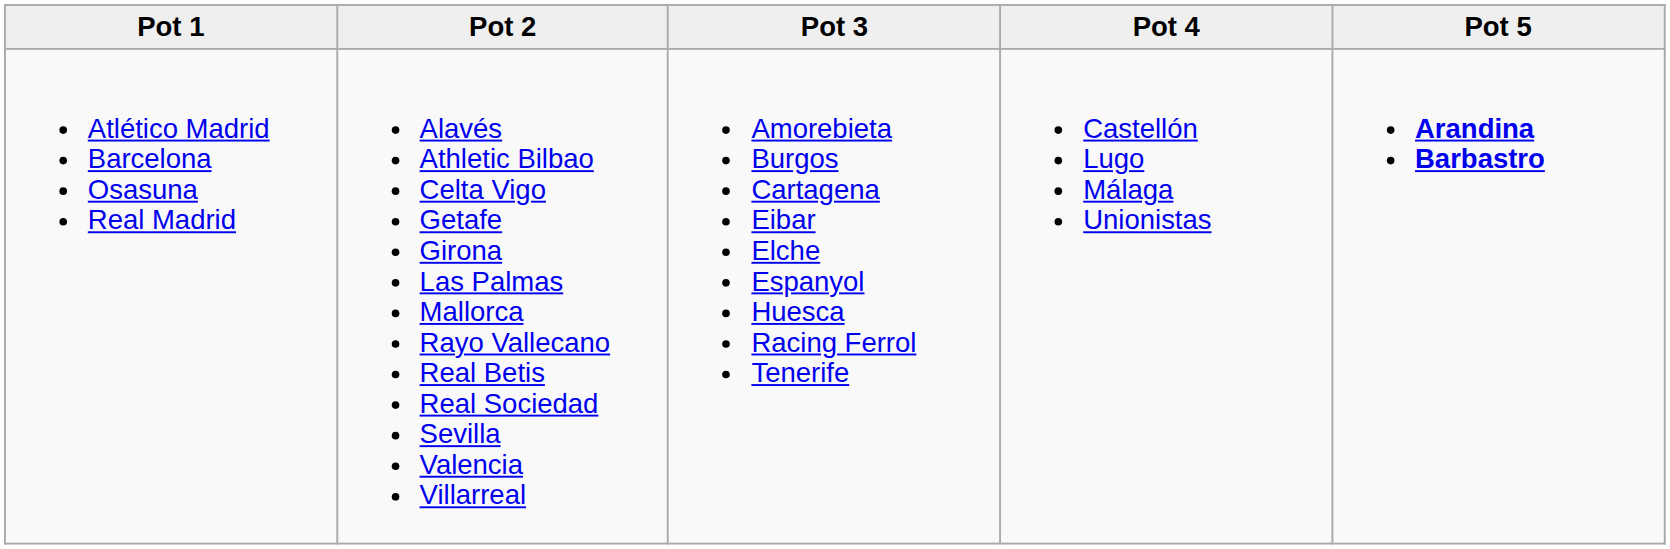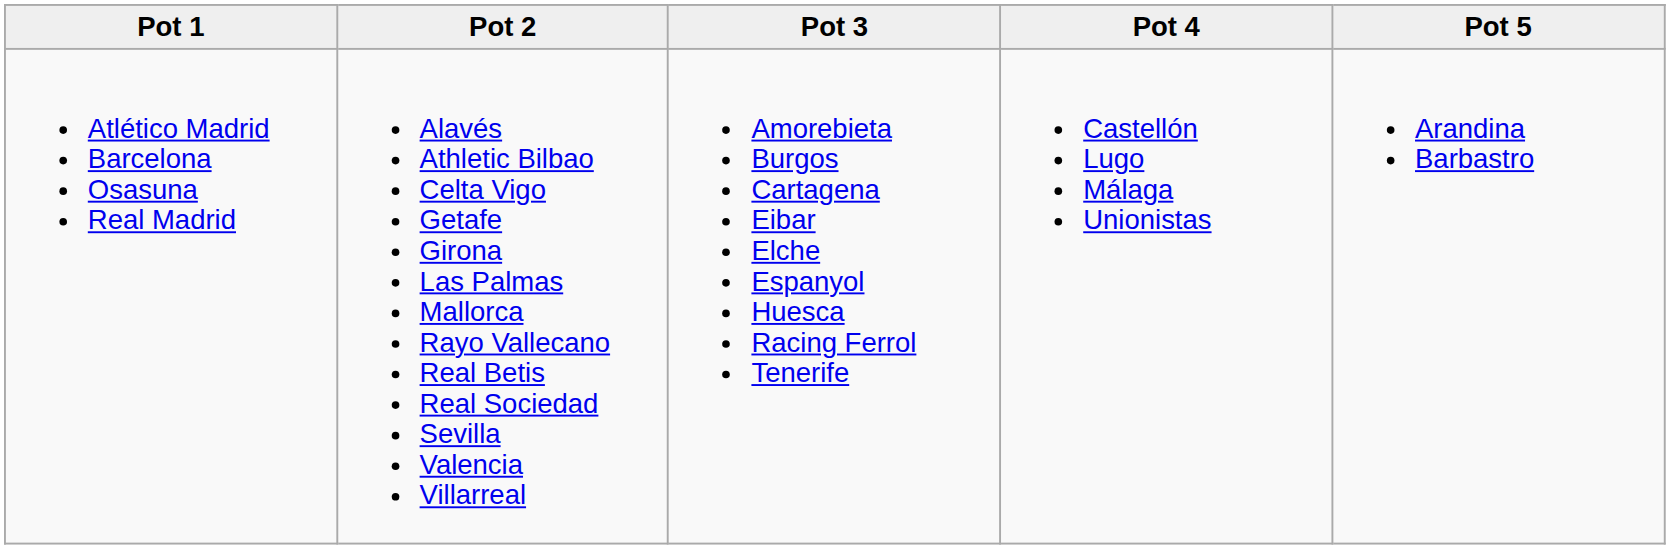 <table class="wikitable" style="font-size:90%">
 <tr bgcolor=#efefef align=center>
 <td width=15%><strong>Pot 1</strong><br></td>
 <td width=15%><strong>Pot 2</strong><br></td>
 <td width=15%><strong>Pot 3</strong><br></td>
 <td width=15%><strong>Pot 4</strong><br></td>
 <td width=15%><strong>Pot 5</strong><br></td>
 </tr>
 <tr valign=top>
 <td><br><ul><li><a href='#'>Atlético Madrid</a></li><li><a href='#'>Barcelona</a></li><li><a href='#'>Osasuna</a></li><li><a href='#'>Real Madrid</a></li></ul></td>
 <td><br><ul><li><a href='#'>Alavés</a></li><li><a href='#'>Athletic Bilbao</a></li><li><a href='#'>Celta Vigo</a></li><li><a href='#'>Getafe</a></li><li><a href='#'>Girona</a></li><li><a href='#'>Las Palmas</a></li><li><a href='#'>Mallorca</a></li><li><a href='#'>Rayo Vallecano</a></li><li><a href='#'>Real Betis</a></li><li><a href='#'>Real Sociedad</a></li><li><a href='#'>Sevilla</a></li><li><a href='#'>Valencia</a></li><li><a href='#'>Villarreal</a></li></ul></td>
 <td><br><ul><li><a href='#'>Amorebieta</a></li><li><a href='#'>Burgos</a></li><li><a href='#'>Cartagena</a></li><li><a href='#'>Eibar</a></li><li><a href='#'>Elche</a></li><li><a href='#'>Espanyol</a></li><li><a href='#'>Huesca</a></li><li><a href='#'>Racing Ferrol</a></li><li><a href='#'>Tenerife</a></li></ul></td>
 <td><br><ul><li><a href='#'>Castellón</a></li><li><a href='#'>Lugo</a></li><li><a href='#'>Málaga</a></li><li><a href='#'>Unionistas</a></li></ul></td>
-<td><strong><br><ul><li><a href='#'>Arandina</a></li><li><a href='#'>Barbastro</a></li></ul></strong></td>
+<td><br><ul><li><a href='#'>Arandina</a></li><li><a href='#'>Barbastro</a></li></ul></td>
 </tr>
 </table>
